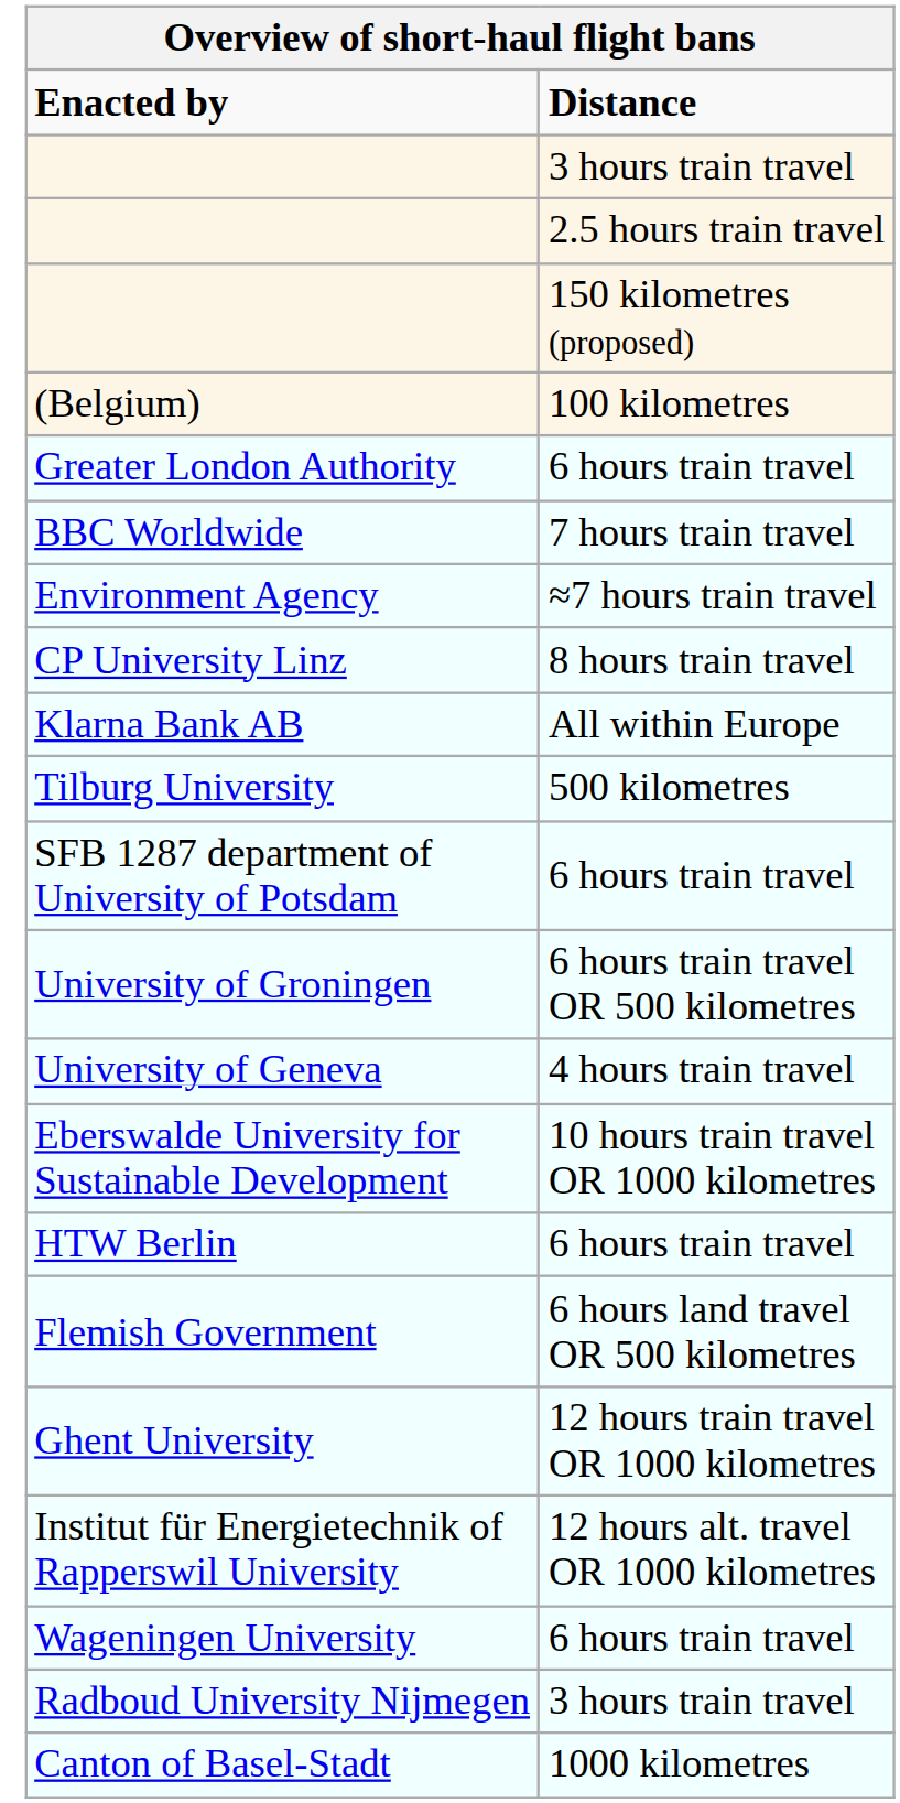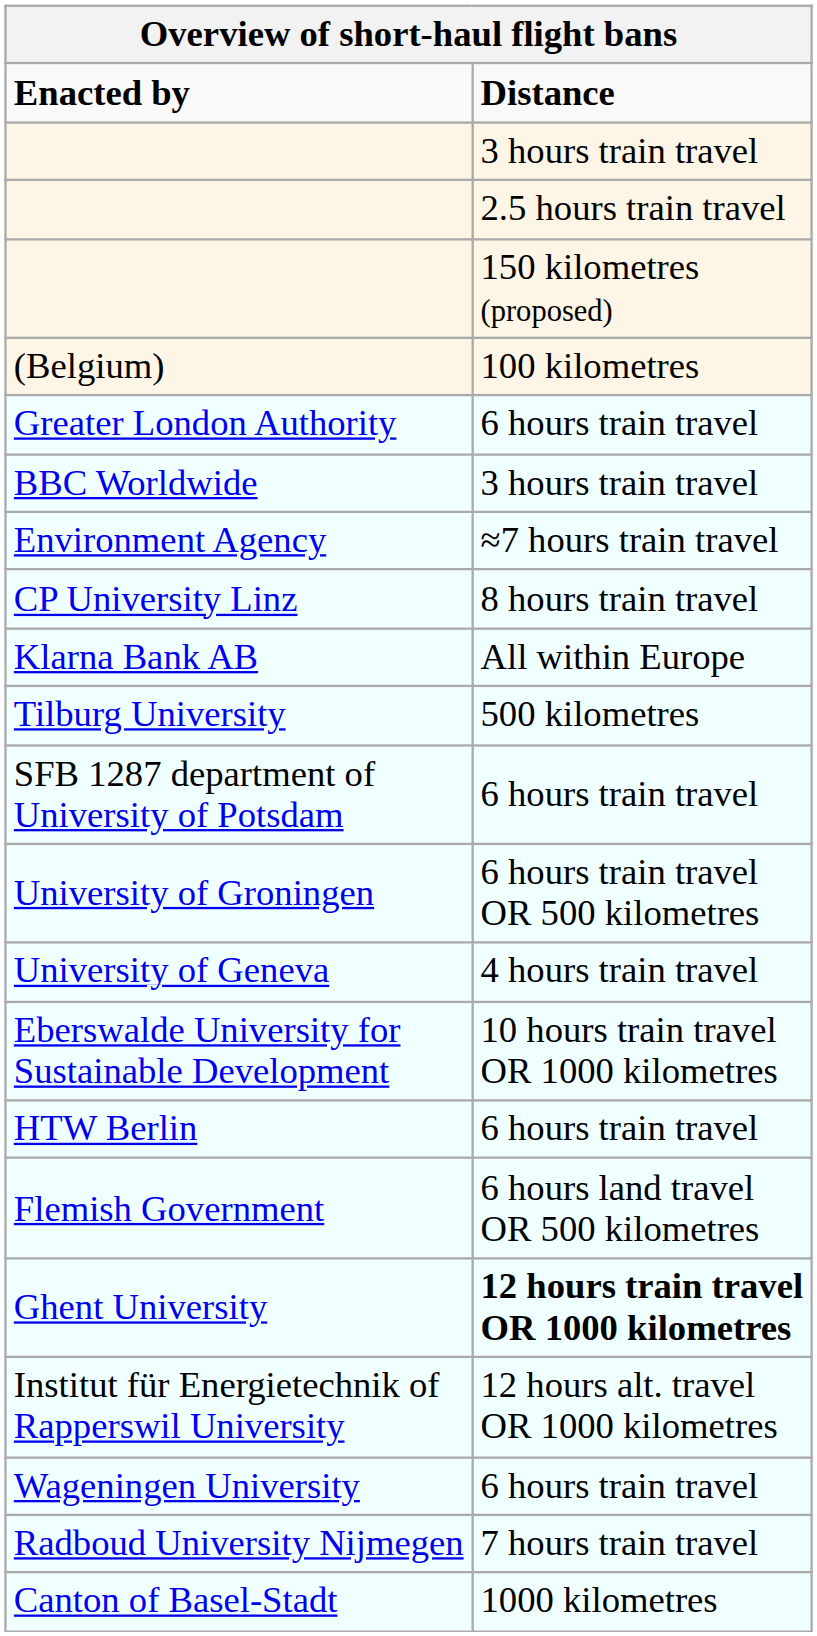 <table class="wikitable" align="right">
 <tr>
 <th colspan="2">Overview of short-haul flight bans </th>
 </tr>
 <tr>
 <td><strong>Enacted by</strong></td>
 <td><strong>Distance</strong></td>
 </tr>
 <tr style="background-color:OldLace;">
 <td></td>
 <td>3 hours train travel</td>
 </tr>
 <tr style="background-color:OldLace;">
 <td></td>
 <td>2.5 hours train travel</td>
 </tr>
 <tr style="background-color:OldLace;">
 <td></td>
 <td>150 kilometres<br><small>(proposed)</small></td>
 </tr>
 <tr style="background-color:OldLace;">
 <td> (Belgium)</td>
 <td>100 kilometres</td>
 </tr>
 <tr style="background-color:Azure;">
 <td><a href='#'>Greater London Authority</a></td>
 <td>6 hours train travel</td>
 </tr>
 <tr style="background-color:Azure;">
 <td><a href='#'>BBC Worldwide</a></td>
-<td>7 hours train travel</td>
+<td>3 hours train travel</td>
 </tr>
 <tr style="background-color:Azure;">
 <td><a href='#'>Environment Agency</a></td>
 <td>≈7 hours train travel</td>
 </tr>
 <tr style="background-color:Azure;">
 <td><a href='#'>CP University Linz</a></td>
 <td>8 hours train travel</td>
 </tr>
 <tr style="background-color:Azure;">
 <td><a href='#'>Klarna Bank AB</a></td>
 <td>All within Europe</td>
 </tr>
 <tr style="background-color:Azure;">
 <td><a href='#'>Tilburg University</a></td>
 <td>500 kilometres</td>
 </tr>
 <tr style="background-color:Azure;">
 <td>SFB 1287 department of<br><a href='#'>University of Potsdam</a></td>
 <td>6 hours train travel</td>
 </tr>
 <tr style="background-color:Azure;">
 <td><a href='#'>University of Groningen</a></td>
 <td>6 hours train travel<br>OR 500 kilometres</td>
 </tr>
 <tr style="background-color:Azure;">
 <td><a href='#'>University of Geneva</a></td>
 <td>4 hours train travel</td>
 </tr>
 <tr style="background-color:Azure;">
 <td><a href='#'>Eberswalde University for<br>Sustainable Development</a></td>
 <td>10 hours train travel<br>OR 1000 kilometres</td>
 </tr>
 <tr style="background-color:Azure;">
 <td><a href='#'>HTW Berlin</a></td>
 <td>6 hours train travel</td>
 </tr>
 <tr style="background-color:Azure;">
 <td><a href='#'>Flemish Government</a></td>
 <td>6 hours land travel<br>OR 500 kilometres</td>
 </tr>
 <tr style="background-color:Azure;">
 <td><a href='#'>Ghent University</a></td>
-<td>12 hours train travel<br> OR 1000 kilometres</td>
+<td><strong>12 hours train travel<br> OR 1000 kilometres</strong></td>
 </tr>
 <tr style="background-color:Azure;">
 <td>Institut für Energietechnik of<br><a href='#'>Rapperswil University</a></td>
 <td>12 hours alt. travel<br> OR 1000 kilometres</td>
 </tr>
 <tr style="background-color:Azure;">
 <td><a href='#'>Wageningen University</a></td>
 <td>6 hours train travel</td>
 </tr>
 <tr style="background-color:Azure;">
 <td><a href='#'>Radboud University Nijmegen</a></td>
-<td>3 hours train travel</td>
+<td>7 hours train travel</td>
 </tr>
 <tr style="background-color:Azure;">
 <td><a href='#'>Canton of Basel-Stadt</a></td>
 <td>1000 kilometres</td>
 </tr>
 </table>
